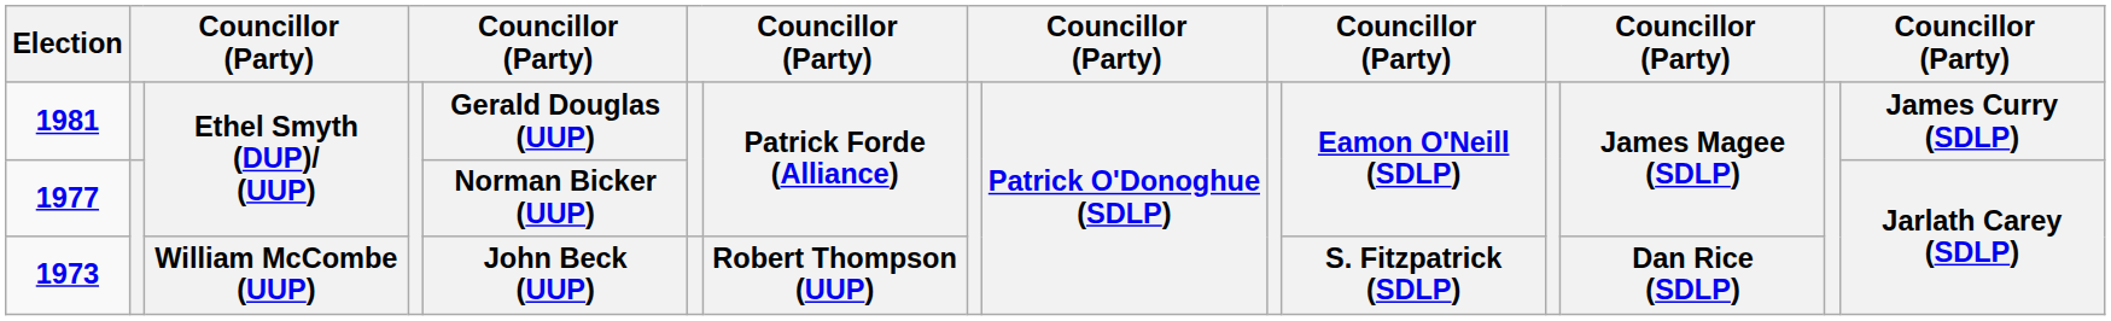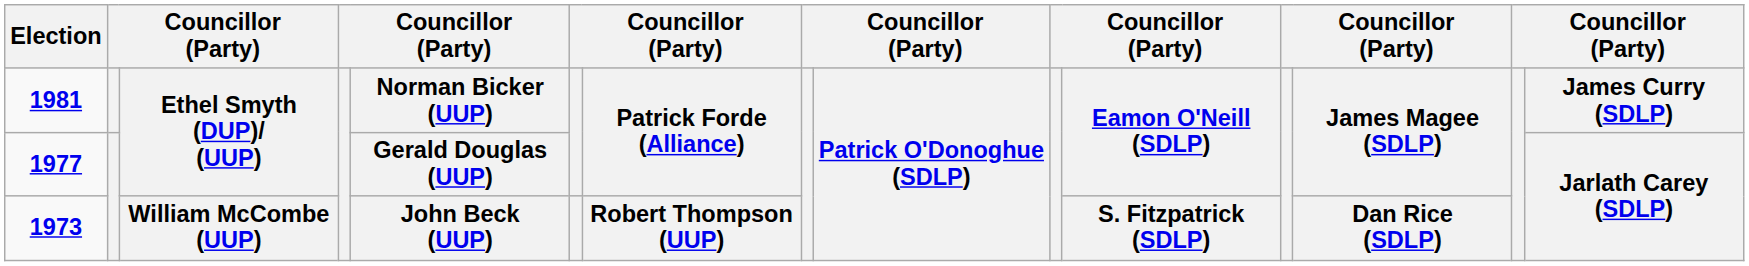 <table class="wikitable" style="text-align:center">
 <tr>
 <th scope="col" width="50">Election</th>
 <th scope="col" width="150" colspan = "2">Councillor<br> (Party)</th>
 <th scope="col" width="150" colspan = "2">Councillor<br> (Party)</th>
 <th scope="col" width="150" colspan = "2">Councillor<br> (Party)</th>
 <th scope="col" width="150" colspan = "2">Councillor<br> (Party)</th>
 <th scope="col" width="150" colspan = "2">Councillor<br> (Party)</th>
 <th scope="col" width="150" colspan = "2">Councillor<br> (Party)</th>
 <th scope="col" width="150" colspan = "2">Councillor<br> (Party)</th>
 </tr>
 <tr>
 <td><strong><a href='#'>1981</a></strong></td>
 <th rowspan="1" width="1" style="background-color: "></th>
 <th rowspan = "2">Ethel Smyth <br> (<a href='#'>DUP</a>)/ <br> (<a href='#'>UUP</a>)</th>
 <th rowspan="3" width="1" style="background-color: "></th>
-<th rowspan = "1">Gerald Douglas <br> (<a href='#'>UUP</a>)</th>
+<th rowspan = "1">Norman Bicker <br> (<a href='#'>UUP</a>)</th>
 <th rowspan="2" width="1" style="background-color: "></th>
 <th rowspan = "2">Patrick Forde <br> (<a href='#'>Alliance</a>)</th>
 <th rowspan="3" width="1" style="background-color: "></th>
 <th rowspan = "3"><a href='#'>Patrick O'Donoghue</a> <br> (<a href='#'>SDLP</a>)</th>
 <th rowspan="3" width="1" style="background-color: "></th>
 <th rowspan = "2"><a href='#'>Eamon O'Neill</a> <br> (<a href='#'>SDLP</a>)</th>
 <th rowspan="3" width="1" style="background-color: "></th>
 <th rowspan = "2">James Magee <br> (<a href='#'>SDLP</a>)</th>
 <th rowspan="3" width="1" style="background-color: "></th>
 <th rowspan = "1">James Curry <br> (<a href='#'>SDLP</a>)</th>
 </tr>
 <tr>
 <td><strong><a href='#'>1977</a></strong></td>
 <th rowspan="2" width="1" style="background-color: "></th>
-<th rowspan = "1">Norman Bicker <br> (<a href='#'>UUP</a>)</th>
+<th rowspan = "1">Gerald Douglas <br> (<a href='#'>UUP</a>)</th>
 <th rowspan = "2">Jarlath Carey <br> (<a href='#'>SDLP</a>)</th>
 </tr>
 <tr>
 <td><strong><a href='#'>1973</a></strong></td>
 <th rowspan = "1">William McCombe <br> (<a href='#'>UUP</a>)</th>
 <th rowspan = "1">John Beck <br> (<a href='#'>UUP</a>)</th>
 <th rowspan="1" width="1" style="background-color: "></th>
 <th rowspan = "1">Robert Thompson <br> (<a href='#'>UUP</a>)</th>
 <th rowspan = "1">S. Fitzpatrick <br> (<a href='#'>SDLP</a>)</th>
 <th rowspan = "1">Dan Rice <br> (<a href='#'>SDLP</a>)</th>
 </tr>
 </table>
